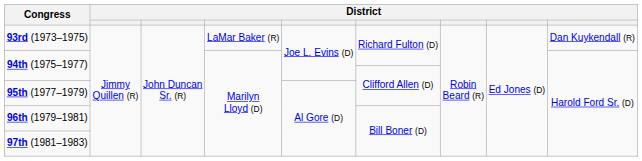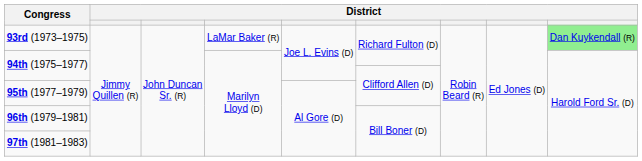 <table class=wikitable style="text-align:center">
 <tr>
 <th rowspan=2>Congress</th>
 <th colspan=8>District</th>
 </tr>
 <tr>
 <th></th>
 <th></th>
 <th></th>
 <th></th>
 <th></th>
 <th></th>
 <th></th>
 <th></th>
 </tr>
 <tr style="height:2.5em">
 <td><strong><a href='#'>93rd</a></strong> (1973–1975)</td>
 <td rowspan=6 ><a href='#'>Jimmy<br>Quillen</a> <small>(R)</small></td>
 <td rowspan=6 ><a href='#'>John Duncan<br>Sr.</a> <small>(R)</small></td>
 <td><a href='#'>LaMar Baker</a> <small>(R)</small></td>
 <td rowspan=3 ><a href='#'>Joe L. Evins</a> <small>(D)</small></td>
 <td rowspan=2 ><a href='#'>Richard Fulton</a> <small>(D)</small></td>
 <td rowspan=6 ><a href='#'>Robin<br>Beard</a> <small>(R)</small></td>
 <td rowspan=6 ><a href='#'>Ed Jones</a> <small>(D)</small></td>
-<td><a href='#'>Dan Kuykendall</a> <small>(R)</small></td>
+<td style="background: lightgreen;"><a href='#'>Dan Kuykendall</a> <small>(R)</small></td>
 </tr>
 <tr style="height:1.5em">
 <td rowspan=2><strong><a href='#'>94th</a></strong> (1975–1977)</td>
 <td rowspan=5 ><a href='#'>Marilyn<br>Lloyd</a> <small>(D)</small></td>
 <td rowspan=5 ><a href='#'>Harold Ford Sr.</a> <small>(D)</small></td>
 </tr>
 <tr style="height:1.5em">
 <td rowspan=2 ><a href='#'>Clifford Allen</a> <small>(D)</small></td>
 </tr>
 <tr style="height:2.5em">
 <td><strong><a href='#'>95th</a></strong> (1977–1979)</td>
 <td rowspan=3 ><a href='#'>Al Gore</a> <small>(D)</small></td>
 </tr>
 <tr style="height:2.5em">
 <td><strong><a href='#'>96th</a></strong> (1979–1981)</td>
 <td rowspan=2 ><a href='#'>Bill Boner</a> <small>(D)</small></td>
 </tr>
 <tr style="height:2.5em">
 <td><strong><a href='#'>97th</a></strong> (1981–1983)</td>
 </tr>
 </table>
